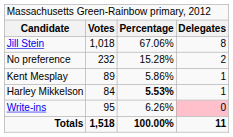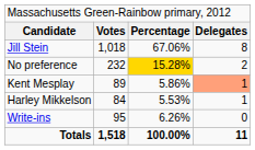 <table class=wikitable>
 <tr>
 <td Colspan=4>Massachusetts Green-Rainbow primary, 2012</td>
 </tr>
 <tr>
 <th>Candidate</th>
 <th>Votes</th>
 <th>Percentage</th>
 <th>Delegates</th>
 </tr>
 <tr>
 <td><a href='#'>Jill Stein</a></td>
 <td align="right">1,018</td>
 <td align="right">67.06%</td>
 <td align="right">8</td>
 </tr>
 <tr>
 <td>No preference</td>
 <td align="right">232</td>
-<td align="right">15.28%</td>
+<td align="right" style="background: gold;">15.28%</td>
 <td align="right">2</td>
 </tr>
 <tr>
 <td>Kent Mesplay</td>
 <td align="right">89</td>
 <td align="right">5.86%</td>
-<td align="right">1</td>
+<td align="right" style="background: lightsalmon;">1</td>
 </tr>
 <tr>
 <td>Harley Mikkelson</td>
 <td align="right">84</td>
-<td align="right"><strong>5.53%</strong></td>
+<td align="right">5.53%</td>
 <td align="right">1</td>
 </tr>
 <tr>
 <td><a href='#'>Write-ins</a></td>
 <td align="right">95</td>
 <td align="right">6.26%</td>
-<td align="right" style="background: pink;">0</td>
+<td align="right">0</td>
 </tr>
 <tr>
 <td align="right"><strong>Totals</strong></td>
 <td align="right"><strong>1,518</strong></td>
 <td align="right"><strong>100.00%</strong></td>
 <td align="right"><strong>11</strong></td>
 </tr>
 </table>
